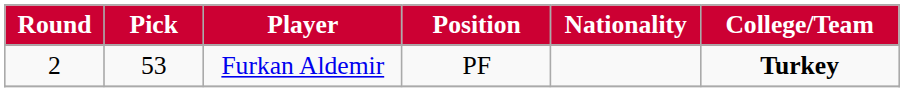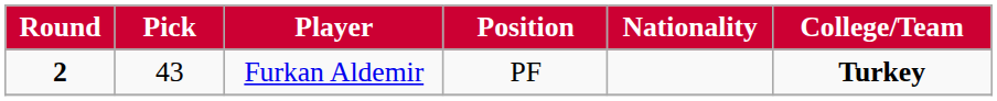 <table class="wikitable sortable sortable">
 <tr>
 <th style="background:#CC0033; color:white" width="10%">Round</th>
 <th style="background:#CC0033; color:white" width="10%">Pick</th>
 <th style="background:#CC0033; color:white" width="20%">Player</th>
 <th style="background:#CC0033; color:white" width="15%">Position</th>
 <th style="background:#CC0033; color:white" width="15%">Nationality</th>
 <th style="background:#CC0033; color:white" width="20%">College/Team</th>
 </tr>
 <tr style="text-align: center">
 </tr>
 <tr style="text-align: center">
-<td>2</td>
-<td>53</td>
+<td><strong>2</strong></td>
+<td>43</td>
 <td><a href='#'>Furkan Aldemir</a></td>
 <td>PF</td>
 <td></td>
 <td><strong>Turkey</strong></td>
 </tr>
 <tr style="text-align: center">
 </tr>
 <tr style="text-align: center">
 </tr>
 </table>
